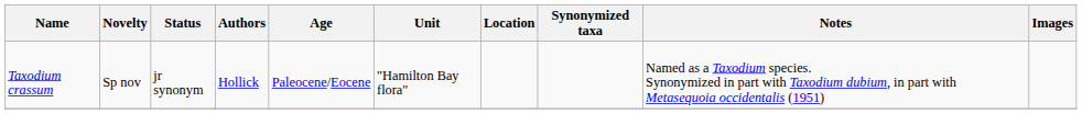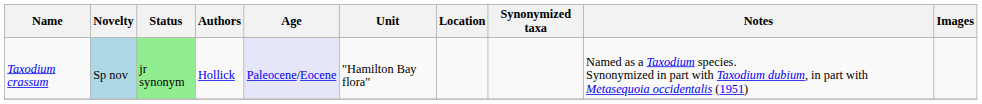 <table class="wikitable sortable" align="center" width="100%">
 <tr>
 <th>Name</th>
 <th>Novelty</th>
 <th>Status</th>
 <th>Authors</th>
 <th>Age</th>
 <th>Unit</th>
 <th>Location</th>
 <th>Synonymized taxa</th>
 <th>Notes</th>
 <th>Images</th>
 </tr>
 <tr>
 <td><br><em><a href='#'>Taxodium crassum</a></em></td>
-<td><br>Sp nov</td>
-<td><br>jr synonym</td>
+<td style="background: lightblue;"><br>Sp nov</td>
+<td style="background: lightgreen;"><br>jr synonym</td>
 <td><br><a href='#'>Hollick</a></td>
-<td><br><a href='#'>Paleocene</a>/<a href='#'>Eocene</a></td>
+<td style="background: lavender;"><br><a href='#'>Paleocene</a>/<a href='#'>Eocene</a></td>
 <td><br>"Hamilton Bay flora"</td>
 <td><br><br></td>
 <td></td>
 <td><br>Named as a <em><a href='#'>Taxodium</a></em> species.<br> Synonymized in part with <em><a href='#'>Taxodium dubium</a></em>, in part with <em><a href='#'>Metasequoia occidentalis</a></em> (<a href='#'>1951</a>)</td>
 <td></td>
 </tr>
 <tr>
 </tr>
 </table>
